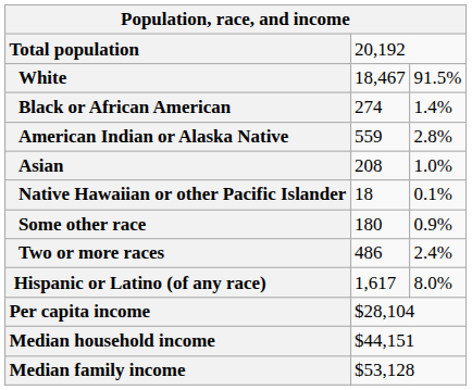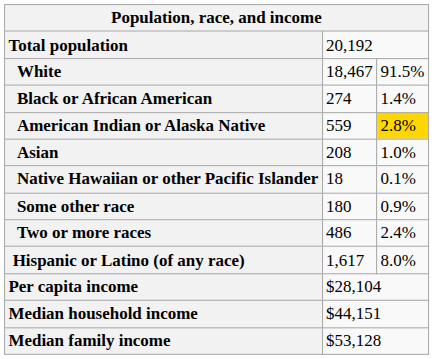 <table class="wikitable sortable mw-collapsible collapsible collapsed">
 <tr>
 <th colspan=6>Population, race, and income</th>
 </tr>
 <tr>
 <th scope="row" style="text-align: left;">Total population</th>
 <td colspan=2>20,192</td>
 </tr>
 <tr>
 <th scope="row" style="text-align: left;">  White</th>
 <td>18,467</td>
 <td>91.5%</td>
 </tr>
 <tr>
 <th scope="row" style="text-align: left;">  Black or African American</th>
 <td>274</td>
 <td>1.4%</td>
 </tr>
 <tr>
 <th scope="row" style="text-align: left;">  American Indian or Alaska Native</th>
 <td>559</td>
-<td>2.8%</td>
+<td style="background: gold;">2.8%</td>
 </tr>
 <tr>
 <th scope="row" style="text-align: left;">  Asian</th>
 <td>208</td>
 <td>1.0%</td>
 </tr>
 <tr>
 <th scope="row" style="text-align: left;">  Native Hawaiian or other Pacific Islander</th>
 <td>18</td>
 <td>0.1%</td>
 </tr>
 <tr>
 <th scope="row" style="text-align: left;">  Some other race</th>
 <td>180</td>
 <td>0.9%</td>
 </tr>
 <tr>
 <th scope="row" style="text-align: left;">  Two or more races</th>
 <td>486</td>
 <td>2.4%</td>
 </tr>
 <tr>
 <th scope="row" style="text-align: left;"> Hispanic or Latino (of any race)</th>
 <td>1,617</td>
 <td>8.0%</td>
 </tr>
 <tr>
 <th scope="row" style="text-align: left;">Per capita income</th>
 <td colspan=2>$28,104</td>
 </tr>
 <tr>
 <th scope="row" style="text-align: left;">Median household income</th>
 <td colspan=2>$44,151</td>
 </tr>
 <tr>
 <th scope="row" style="text-align: left;">Median family income</th>
 <td colspan=2>$53,128</td>
 </tr>
 </table>
